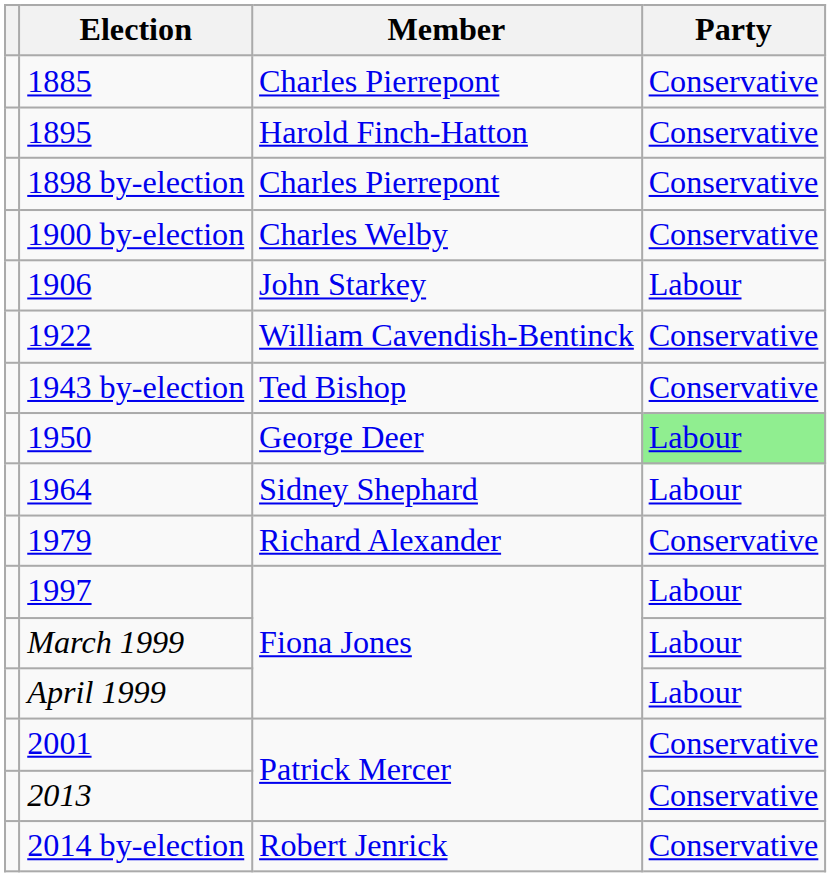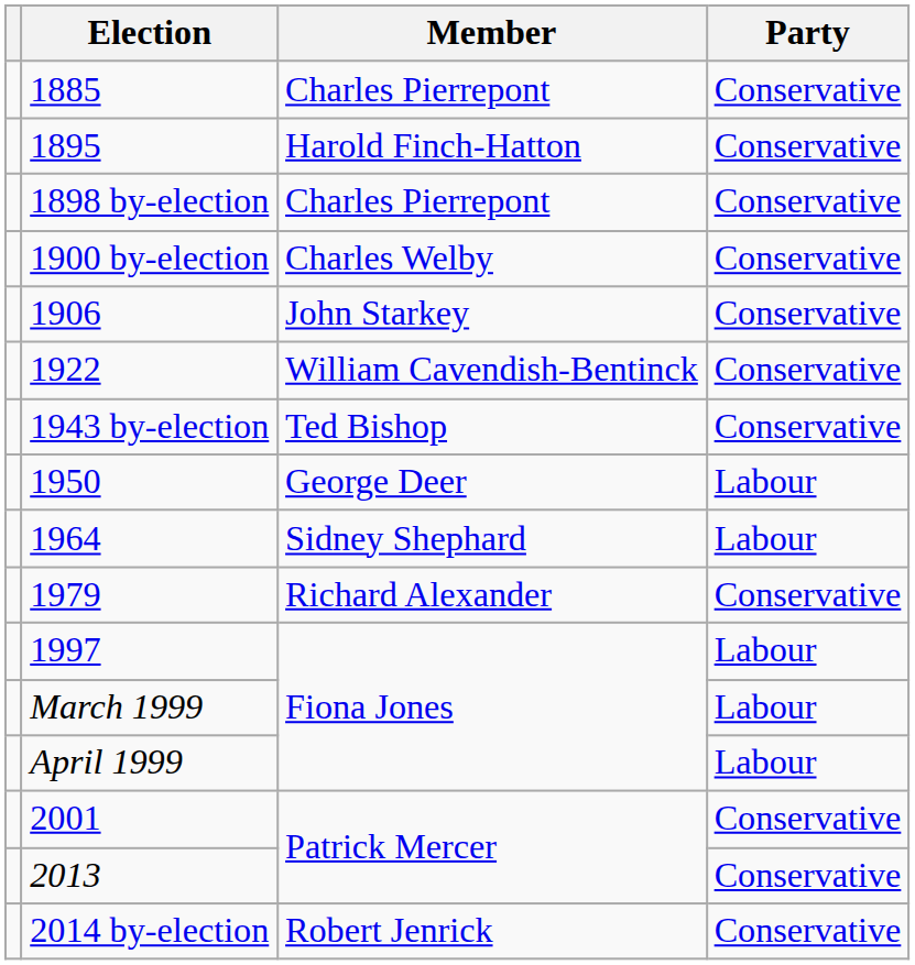 <table class="wikitable">
 <tr>
 <th></th>
 <th>Election</th>
 <th>Member</th>
 <th>Party</th>
 </tr>
 <tr>
 <td style="color:inherit;background-color:"></td>
 <td><a href='#'>1885</a></td>
 <td><a href='#'>Charles Pierrepont</a></td>
 <td><a href='#'>Conservative</a></td>
 </tr>
 <tr>
 <td style="color:inherit;background-color:"></td>
 <td><a href='#'>1895</a></td>
 <td><a href='#'>Harold Finch-Hatton</a></td>
 <td><a href='#'>Conservative</a></td>
 </tr>
 <tr>
 <td style="color:inherit;background-color:"></td>
 <td><a href='#'>1898 by-election</a></td>
 <td><a href='#'>Charles Pierrepont</a></td>
 <td><a href='#'>Conservative</a></td>
 </tr>
 <tr>
 <td style="color:inherit;background-color:"></td>
 <td><a href='#'>1900 by-election</a></td>
 <td><a href='#'>Charles Welby</a></td>
 <td><a href='#'>Conservative</a></td>
 </tr>
 <tr>
 <td style="color:inherit;background-color:"></td>
 <td><a href='#'>1906</a></td>
 <td><a href='#'>John Starkey</a></td>
-<td><a href='#'>Labour</a></td>
+<td><a href='#'>Conservative</a></td>
 </tr>
 <tr>
 <td style="color:inherit;background-color:"></td>
 <td><a href='#'>1922</a></td>
 <td><a href='#'>William Cavendish-Bentinck</a></td>
 <td><a href='#'>Conservative</a></td>
 </tr>
 <tr>
 <td style="color:inherit;background-color:"></td>
 <td><a href='#'>1943 by-election</a></td>
 <td><a href='#'>Ted Bishop</a></td>
 <td><a href='#'>Conservative</a></td>
 </tr>
 <tr>
 <td style="color:inherit;background-color:"></td>
 <td><a href='#'>1950</a></td>
 <td><a href='#'>George Deer</a></td>
-<td style="background: lightgreen;"><a href='#'>Labour</a></td>
+<td><a href='#'>Labour</a></td>
 </tr>
 <tr>
 <td style="color:inherit;background-color:"></td>
 <td><a href='#'>1964</a></td>
 <td><a href='#'>Sidney Shephard</a></td>
 <td><a href='#'>Labour</a></td>
 </tr>
 <tr>
 <td style="color:inherit;background-color:"></td>
 <td><a href='#'>1979</a></td>
 <td><a href='#'>Richard Alexander</a></td>
 <td><a href='#'>Conservative</a></td>
 </tr>
 <tr>
 <td style="color:inherit;background-color:"></td>
 <td><a href='#'>1997</a></td>
 <td rowspan="3"><a href='#'>Fiona Jones</a></td>
 <td><a href='#'>Labour</a></td>
 </tr>
 <tr>
 <td style="color:inherit;background-color:"></td>
 <td><em>March 1999</em></td>
 <td><a href='#'>Labour</a></td>
 </tr>
 <tr>
 <td style="color:inherit;background-color:"></td>
 <td><em>April 1999</em></td>
 <td><a href='#'>Labour</a></td>
 </tr>
 <tr>
 <td style="color:inherit;background-color: "></td>
 <td><a href='#'>2001</a></td>
 <td rowspan=2><a href='#'>Patrick Mercer</a></td>
 <td><a href='#'>Conservative</a></td>
 </tr>
 <tr>
 <td style="color:inherit;background-color: "></td>
 <td><em>2013</em></td>
 <td><a href='#'>Conservative</a></td>
 </tr>
 <tr>
 <td style="color:inherit;background-color: "></td>
 <td><a href='#'>2014 by-election</a></td>
 <td><a href='#'>Robert Jenrick</a></td>
 <td><a href='#'>Conservative</a></td>
 </tr>
 </table>
